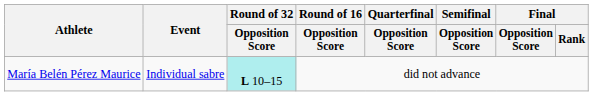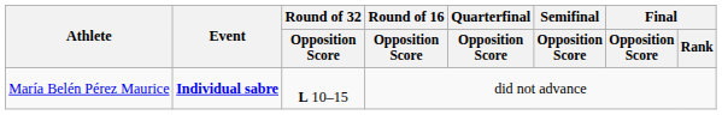 <table class="wikitable" style="font-size:90%">
 <tr>
 <th rowspan="2">Athlete</th>
 <th rowspan="2">Event</th>
 <th>Round of 32</th>
 <th>Round of 16</th>
 <th>Quarterfinal</th>
 <th>Semifinal</th>
 <th colspan=2>Final</th>
 </tr>
 <tr style="font-size:95%">
 <th>Opposition <br> Score</th>
 <th>Opposition <br> Score</th>
 <th>Opposition <br> Score</th>
 <th>Opposition <br> Score</th>
 <th>Opposition <br> Score</th>
 <th>Rank</th>
 </tr>
 <tr align=center>
 <td align=left><a href='#'>María Belén Pérez Maurice</a></td>
-<td align=left><a href='#'>Individual sabre</a></td>
-<td style="background: paleturquoise;"><br><strong>L</strong> 10–15</td>
+<td align=left><strong><a href='#'>Individual sabre</a></strong></td>
+<td><br><strong>L</strong> 10–15</td>
 <td colspan=5>did not advance</td>
 </tr>
 </table>
